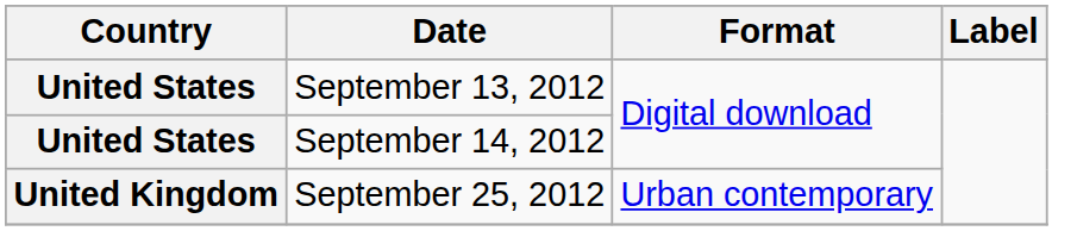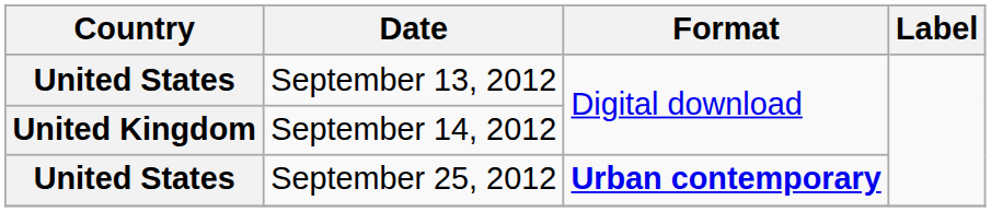 <table class="wikitable plainrowheaders">
 <tr>
 <th>Country</th>
 <th>Date</th>
 <th>Format</th>
 <th>Label</th>
 </tr>
 <tr>
 <th scope="row">United States</th>
 <td>September 13, 2012</td>
 <td rowspan="2"><a href='#'>Digital download</a></td>
 <td rowspan="3"></td>
 </tr>
 <tr>
-<th scope="row">United States</th>
+<th scope="row">United Kingdom</th>
 <td>September 14, 2012</td>
 </tr>
 <tr>
-<th scope="row">United Kingdom</th>
+<th scope="row">United States</th>
 <td>September 25, 2012</td>
-<td><a href='#'>Urban contemporary</a></td>
+<td><strong><a href='#'>Urban contemporary</a></strong></td>
 </tr>
 <tr>
 </tr>
 </table>
